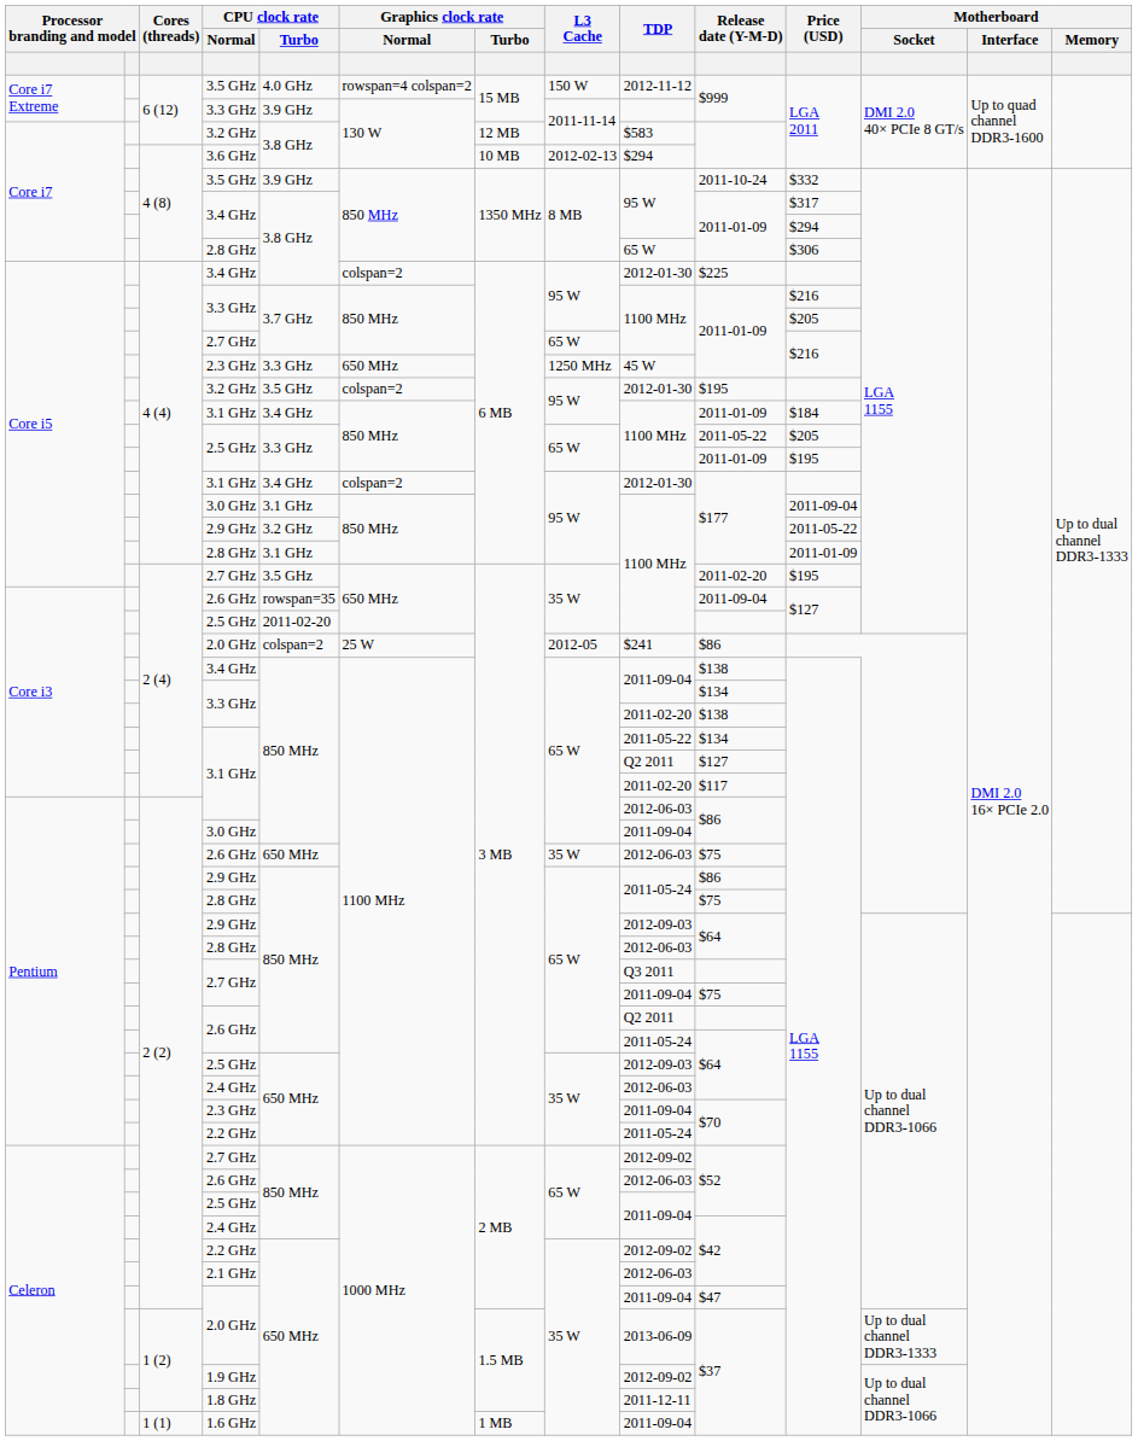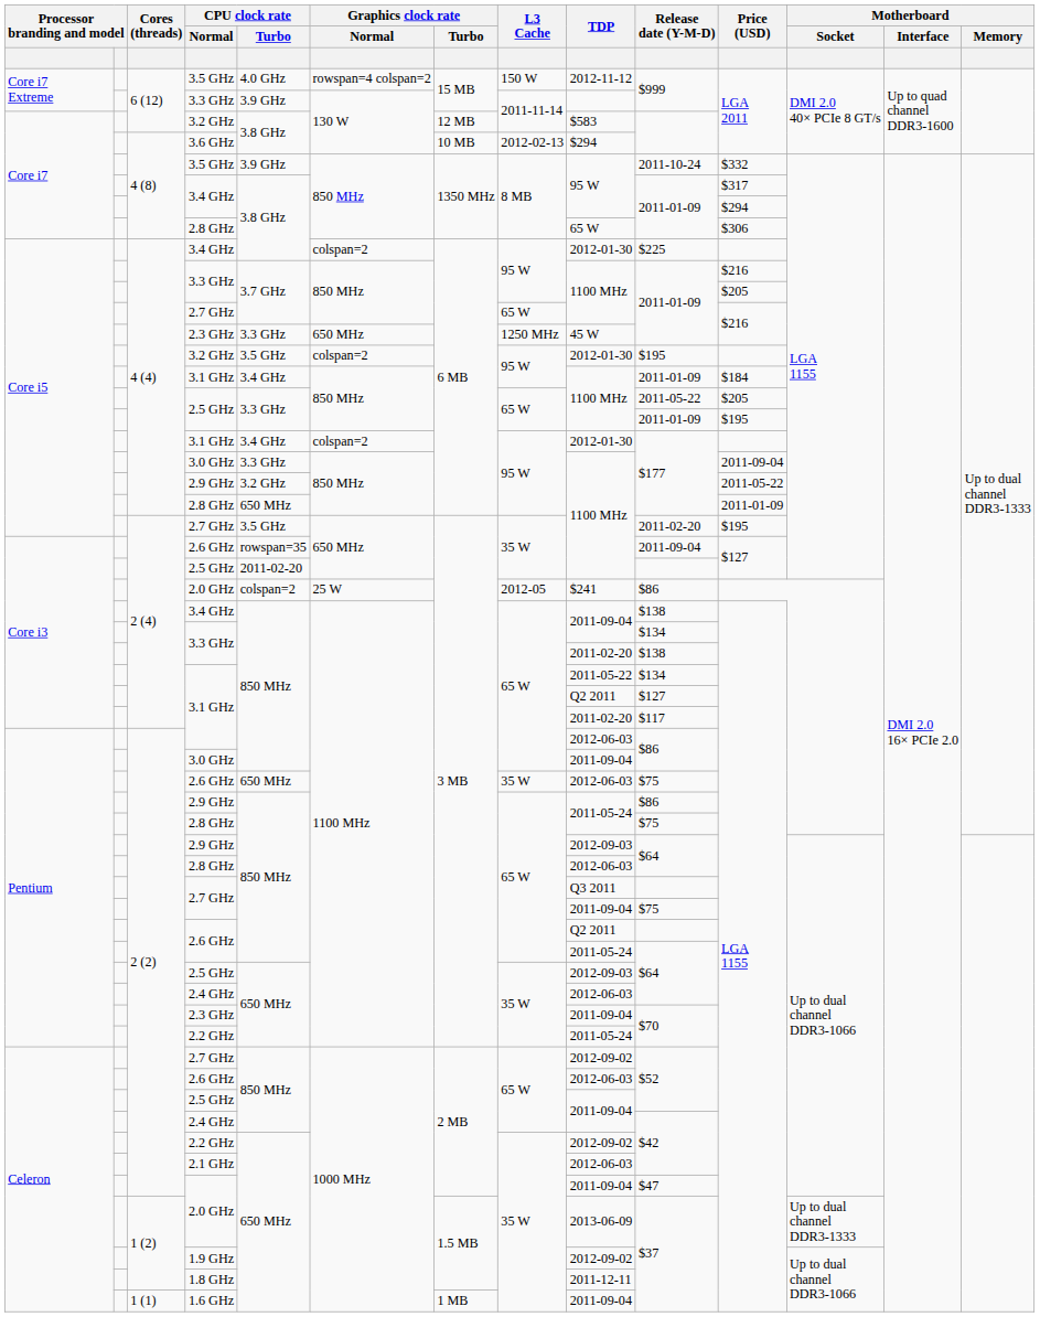 <table class="wikitable sortable hover-highlight">
 <tr>
 <th colspan=2 rowspan="2">Processor<br>branding and model</th>
 <th rowspan=2>Cores<br>(threads)</th>
 <th colspan=2>CPU <a href='#'>clock rate</a></th>
 <th colspan=2>Graphics <a href='#'>clock rate</a></th>
 <th rowspan=2><a href='#'>L3<br>Cache</a></th>
 <th rowspan=2><a href='#'>TDP</a></th>
 <th rowspan=2>Release<br>date (Y-M-D)</th>
 <th rowspan=2>Price<br>(USD)</th>
 <th colspan=3>Motherboard</th>
 </tr>
 <tr>
 <th>Normal</th>
 <th><a href='#'>Turbo</a></th>
 <th>Normal</th>
 <th>Turbo</th>
 <th>Socket</th>
 <th>Interface</th>
 <th>Memory</th>
 </tr>
 <tr>
 <th style="background-position:center"><br></th>
 <th style="background-position:center"></th>
 <th style="background-position:center"></th>
 <th style="background-position:center"></th>
 <th style="background-position:center"></th>
 <th style="background-position:center"></th>
 <th style="background-position:center"></th>
 <th style="background-position:center"></th>
 <th style="background-position:center"></th>
 <th style="background-position:center"></th>
 <th style="background-position:center"></th>
 <th style="background-position:center"></th>
 <th style="background-position:center"></th>
 <th style="background-position:center"></th>
 </tr>
 <tr>
 <td rowspan=2><a href='#'>Core i7<br>Extreme</a></td>
 <td></td>
 <td rowspan=3>6 (12)</td>
 <td>3.5 GHz</td>
 <td>4.0 GHz</td>
 <td>rowspan=4 colspan=2 </td>
 <td rowspan=2>15 MB</td>
 <td>150 W</td>
 <td>2012-11-12</td>
 <td rowspan=2>$999</td>
 <td rowspan=4><a href='#'>LGA<br>2011</a></td>
 <td rowspan=4><a href='#'>DMI 2.0</a><br>40× PCIe 8 GT/s </td>
 <td rowspan=4>Up to quad<br>channel<br>DDR3-1600</td>
 </tr>
 <tr>
 <td></td>
 <td>3.3 GHz</td>
 <td>3.9 GHz</td>
 <td rowspan=3>130 W</td>
 <td rowspan=2>2011-11-14</td>
 </tr>
 <tr>
 <td rowspan=6><a href='#'>Core i7</a></td>
 <td></td>
 <td>3.2 GHz</td>
 <td rowspan=2>3.8 GHz</td>
 <td>12 MB</td>
 <td>$583</td>
 </tr>
 <tr>
 <td></td>
 <td rowspan=5>4 (8)</td>
 <td>3.6 GHz</td>
 <td>10 MB</td>
 <td>2012-02-13</td>
 <td>$294</td>
 </tr>
 <tr>
 <td><strong></strong></td>
 <td>3.5 GHz</td>
 <td>3.9 GHz</td>
 <td rowspan=4>850 <a href='#'>MHz</a></td>
 <td rowspan=4>1350 MHz</td>
 <td rowspan=4>8 MB</td>
 <td rowspan=3>95 W</td>
 <td>2011-10-24</td>
 <td>$332</td>
 <td rowspan=20><a href='#'>LGA<br>1155</a></td>
 <td rowspan=53><a href='#'>DMI 2.0</a><br>16× PCIe 2.0</td>
 <td rowspan=32>Up to dual<br>channel<br>DDR3-1333</td>
 </tr>
 <tr>
 <td><strong></strong></td>
 <td rowspan=2>3.4 GHz</td>
 <td rowspan=4>3.8 GHz</td>
 <td rowspan=3>2011-01-09</td>
 <td>$317</td>
 </tr>
 <tr>
 <td></td>
 <td>$294</td>
 </tr>
 <tr>
 <td></td>
 <td>2.8 GHz</td>
 <td>65 W</td>
 <td>$306</td>
 </tr>
 <tr>
 <td rowspan=14><a href='#'>Core i5</a></td>
 <td></td>
 <td rowspan=13>4 (4)</td>
 <td>3.4 GHz</td>
 <td>colspan=2 </td>
 <td rowspan=13>6 MB</td>
 <td rowspan=3>95 W</td>
 <td>2012-01-30</td>
 <td>$225</td>
 </tr>
 <tr>
 <td><strong></strong></td>
 <td rowspan=2>3.3 GHz</td>
 <td rowspan=3>3.7 GHz</td>
 <td rowspan=3>850 MHz</td>
 <td rowspan=3>1100 MHz</td>
 <td rowspan=4>2011-01-09</td>
 <td>$216</td>
 </tr>
 <tr>
 <td></td>
 <td>$205</td>
 </tr>
 <tr>
 <td></td>
 <td>2.7 GHz</td>
 <td>65 W</td>
 <td rowspan=2>$216</td>
 </tr>
 <tr>
 <td></td>
 <td>2.3 GHz</td>
 <td>3.3 GHz</td>
 <td>650 MHz</td>
 <td>1250 MHz</td>
 <td>45 W</td>
 </tr>
 <tr>
 <td></td>
 <td>3.2 GHz</td>
 <td>3.5 GHz</td>
 <td>colspan=2 </td>
 <td rowspan=2>95 W</td>
 <td>2012-01-30</td>
 <td>$195</td>
 </tr>
 <tr>
 <td></td>
 <td>3.1 GHz</td>
 <td>3.4 GHz</td>
 <td rowspan=3>850 MHz</td>
 <td rowspan=3>1100 MHz</td>
 <td>2011-01-09</td>
 <td>$184</td>
 </tr>
 <tr>
 <td><strong></strong></td>
 <td rowspan=2>2.5 GHz</td>
 <td rowspan=2>3.3 GHz</td>
 <td rowspan=2>65 W</td>
 <td>2011-05-22</td>
 <td>$205</td>
 </tr>
 <tr>
 <td></td>
 <td>2011-01-09</td>
 <td>$195</td>
 </tr>
 <tr>
 <td></td>
 <td>3.1 GHz</td>
 <td>3.4 GHz</td>
 <td>colspan=2 </td>
 <td rowspan=4>95 W</td>
 <td>2012-01-30</td>
 <td rowspan=4>$177</td>
 </tr>
 <tr>
 <td></td>
 <td>3.0 GHz</td>
-<td>3.1 GHz</td>
+<td>3.3 GHz</td>
 <td rowspan=3>850 MHz</td>
 <td rowspan=6>1100 MHz</td>
 <td>2011-09-04</td>
 </tr>
 <tr>
 <td></td>
 <td>2.9 GHz</td>
 <td>3.2 GHz</td>
 <td>2011-05-22</td>
 </tr>
 <tr>
 <td></td>
 <td>2.8 GHz</td>
-<td>3.1 GHz</td>
+<td>650 MHz</td>
 <td>2011-01-09</td>
 </tr>
 <tr>
 <td></td>
 <td rowspan=10>2 (4)</td>
 <td>2.7 GHz</td>
 <td>3.5 GHz</td>
 <td rowspan=3>650 MHz</td>
 <td rowspan=25>3 MB</td>
 <td rowspan=3>35 W</td>
 <td>2011-02-20</td>
 <td>$195</td>
 </tr>
 <tr>
 <td rowspan=9><a href='#'>Core i3</a></td>
 <td></td>
 <td>2.6 GHz</td>
 <td>rowspan=35 </td>
 <td>2011-09-04</td>
 <td rowspan=2>$127</td>
 </tr>
 <tr>
 <td></td>
 <td>2.5 GHz</td>
 <td>2011-02-20</td>
 </tr>
 <tr>
 <td></td>
 <td>2.0 GHz</td>
 <td>colspan=2 </td>
 <td>25 W</td>
 <td>2012-05</td>
 <td>$241</td>
 <td>$86</td>
 </tr>
 <tr>
 <td></td>
 <td>3.4 GHz</td>
 <td rowspan=8>850 MHz</td>
 <td rowspan=21>1100 MHz</td>
 <td rowspan=8>65 W</td>
 <td rowspan=2>2011-09-04</td>
 <td>$138</td>
 <td rowspan=32><a href='#'>LGA<br>1155</a></td>
 </tr>
 <tr>
 <td><strong></strong></td>
 <td rowspan=2>3.3 GHz</td>
 <td>$134</td>
 </tr>
 <tr>
 <td></td>
 <td>2011-02-20</td>
 <td>$138</td>
 </tr>
 <tr>
 <td><strong></strong></td>
 <td rowspan=4>3.1 GHz</td>
 <td>2011-05-22</td>
 <td>$134</td>
 </tr>
 <tr>
 <td></td>
 <td>Q2 2011</td>
 <td>$127</td>
 </tr>
 <tr>
 <td></td>
 <td>2011-02-20</td>
 <td>$117</td>
 </tr>
 <tr>
 <td rowspan=15><a href='#'>Pentium</a></td>
 <td></td>
 <td rowspan=22>2 (2)</td>
 <td>2012-06-03</td>
 <td rowspan=2>$86</td>
 </tr>
 <tr>
 <td></td>
 <td>3.0 GHz</td>
 <td>2011-09-04</td>
 </tr>
 <tr>
 <td></td>
 <td>2.6 GHz</td>
 <td>650 MHz</td>
 <td>35 W</td>
 <td>2012-06-03</td>
 <td>$75</td>
 </tr>
 <tr>
 <td></td>
 <td>2.9 GHz</td>
 <td rowspan=8>850 MHz</td>
 <td rowspan=8>65 W</td>
 <td rowspan=2>2011-05-24</td>
 <td>$86</td>
 </tr>
 <tr>
 <td></td>
 <td>2.8 GHz</td>
 <td>$75</td>
 </tr>
 <tr>
 <td></td>
 <td>2.9 GHz</td>
 <td>2012-09-03</td>
 <td rowspan=2>$64</td>
 <td rowspan=17>Up to dual<br>channel<br>DDR3-1066</td>
 </tr>
 <tr>
 <td></td>
 <td>2.8 GHz</td>
 <td>2012-06-03</td>
 </tr>
 <tr>
 <td></td>
 <td rowspan=2>2.7 GHz</td>
 <td>Q3 2011</td>
 <td></td>
 </tr>
 <tr>
 <td></td>
 <td>2011-09-04</td>
 <td>$75</td>
 </tr>
 <tr>
 <td></td>
 <td rowspan=2>2.6 GHz</td>
 <td>Q2 2011</td>
 <td></td>
 </tr>
 <tr>
 <td></td>
 <td>2011-05-24</td>
 <td rowspan=3>$64</td>
 </tr>
 <tr>
 <td></td>
 <td>2.5 GHz</td>
 <td rowspan=4>650 MHz</td>
 <td rowspan=4>35 W</td>
 <td>2012-09-03</td>
 </tr>
 <tr>
 <td></td>
 <td>2.4 GHz</td>
 <td>2012-06-03</td>
 </tr>
 <tr>
 <td></td>
 <td>2.3 GHz</td>
 <td>2011-09-04</td>
 <td rowspan=2>$70</td>
 </tr>
 <tr>
 <td></td>
 <td>2.2 GHz</td>
 <td>2011-05-24</td>
 </tr>
 <tr>
 <td rowspan=11><a href='#'>Celeron</a></td>
 <td></td>
 <td>2.7 GHz</td>
 <td rowspan=4>850 MHz</td>
 <td rowspan=11>1000 MHz</td>
 <td rowspan=7>2 MB</td>
 <td rowspan=4>65 W</td>
 <td>2012-09-02</td>
 <td rowspan=3>$52</td>
 </tr>
 <tr>
 <td></td>
 <td>2.6 GHz</td>
 <td>2012-06-03</td>
 </tr>
 <tr>
 <td></td>
 <td>2.5 GHz</td>
 <td rowspan=2>2011-09-04</td>
 </tr>
 <tr>
 <td></td>
 <td>2.4 GHz</td>
 <td rowspan=3>$42</td>
 </tr>
 <tr>
 <td></td>
 <td>2.2 GHz</td>
 <td rowspan=7>650 MHz</td>
 <td rowspan=7>35 W</td>
 <td>2012-09-02</td>
 </tr>
 <tr>
 <td></td>
 <td>2.1 GHz</td>
 <td>2012-06-03</td>
 </tr>
 <tr>
 <td></td>
 <td rowspan=2>2.0 GHz</td>
 <td>2011-09-04</td>
 <td>$47</td>
 </tr>
 <tr>
 <td></td>
 <td rowspan=3>1 (2)</td>
 <td rowspan=3>1.5 MB</td>
 <td>2013-06-09</td>
 <td rowspan=4>$37</td>
 <td>Up to dual<br>channel<br>DDR3-1333</td>
 </tr>
 <tr>
 <td></td>
 <td>1.9 GHz</td>
 <td>2012-09-02</td>
 <td rowspan=3>Up to dual<br>channel<br>DDR3-1066</td>
 </tr>
 <tr>
 <td></td>
 <td>1.8 GHz</td>
 <td>2011-12-11</td>
 </tr>
 <tr>
 <td></td>
 <td>1 (1)</td>
 <td>1.6 GHz</td>
 <td>1 MB</td>
 <td>2011-09-04</td>
 </tr>
 </table>
